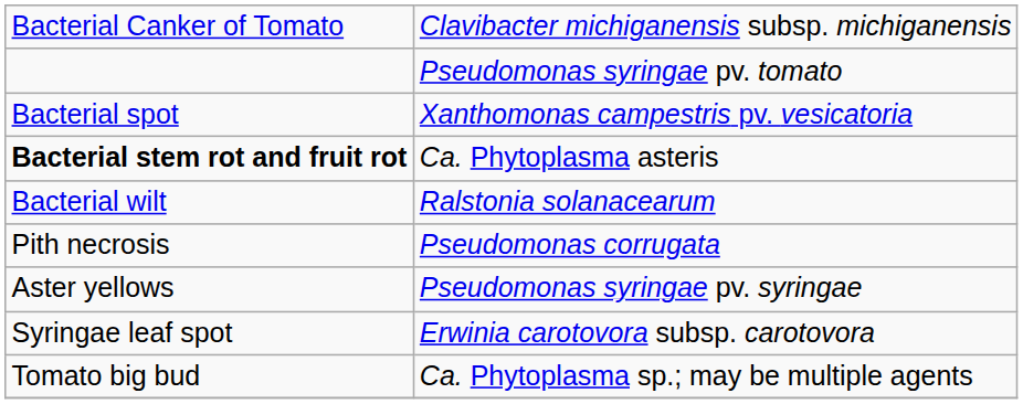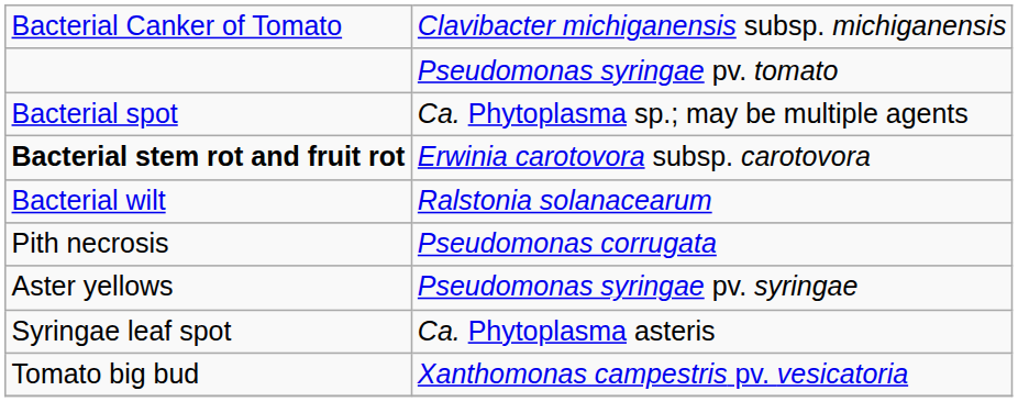 <table class="wikitable" style="clear">
 <tr>
 <td><a href='#'>Bacterial Canker of Tomato</a></td>
 <td><em><a href='#'>Clavibacter michiganensis</a></em> subsp. <em>michiganensis</em></td>
 </tr>
 <tr>
 <td></td>
 <td><em><a href='#'>Pseudomonas syringae</a></em> pv. <em>tomato</em></td>
 </tr>
 <tr>
 <td><a href='#'>Bacterial spot</a></td>
-<td><a href='#'><em>Xanthomonas campestris</em> pv. <em>vesicatoria</em></a></td>
+<td><em>Ca.</em> <a href='#'>Phytoplasma</a> sp.; may be multiple agents</td>
 </tr>
 <tr>
 <td><strong>Bacterial stem rot and fruit rot</strong></td>
-<td><em>Ca.</em> <a href='#'>Phytoplasma</a> asteris</td>
+<td><em><a href='#'>Erwinia carotovora</a></em> subsp. <em>carotovora</em></td>
 </tr>
 <tr>
 <td><a href='#'>Bacterial wilt</a></td>
 <td><em><a href='#'>Ralstonia solanacearum</a></em></td>
 </tr>
 <tr>
 <td>Pith necrosis</td>
 <td><em><a href='#'>Pseudomonas corrugata</a></em></td>
 </tr>
 <tr>
 <td>Aster yellows</td>
 <td><em><a href='#'>Pseudomonas syringae</a></em> pv. <em>syringae</em></td>
 </tr>
 <tr>
 <td>Syringae leaf spot</td>
-<td><em><a href='#'>Erwinia carotovora</a></em> subsp. <em>carotovora</em></td>
+<td><em>Ca.</em> <a href='#'>Phytoplasma</a> asteris</td>
 </tr>
 <tr>
 <td>Tomato big bud</td>
-<td><em>Ca.</em> <a href='#'>Phytoplasma</a> sp.; may be multiple agents</td>
+<td><a href='#'><em>Xanthomonas campestris</em> pv. <em>vesicatoria</em></a></td>
 </tr>
 <tr>
 </tr>
 </table>
